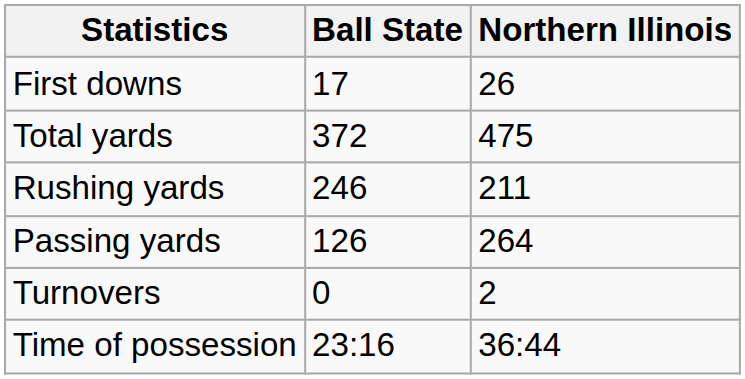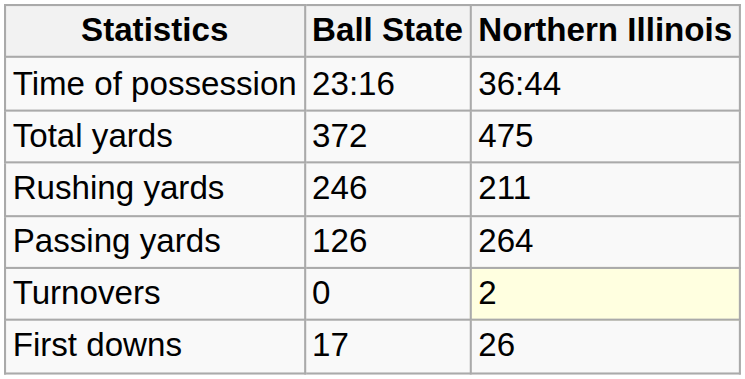 <table class="wikitable">
 <tr>
 <th>Statistics</th>
 <th>Ball State</th>
 <th>Northern Illinois</th>
 </tr>
 <tr>
-<td>First downs</td>
-<td>17</td>
-<td>26</td>
+<td>Time of possession</td>
+<td>23:16</td>
+<td>36:44</td>
 </tr>
 <tr>
 <td>Total yards</td>
 <td>372</td>
 <td>475</td>
 </tr>
 <tr>
 <td>Rushing yards</td>
 <td>246</td>
 <td>211</td>
 </tr>
 <tr>
 <td>Passing yards</td>
 <td>126</td>
 <td>264</td>
 </tr>
 <tr>
 <td>Turnovers</td>
 <td>0</td>
-<td>2</td>
+<td style="background: lightyellow;">2</td>
 </tr>
 <tr>
-<td>Time of possession</td>
-<td>23:16</td>
-<td>36:44</td>
+<td>First downs</td>
+<td>17</td>
+<td>26</td>
 </tr>
 </table>
